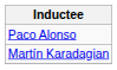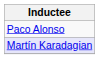 <table class="wikitable">
 <tr>
 <th>Inductee</th>
 </tr>
 <tr>
 <td><a href='#'>Paco Alonso</a></td>
 </tr>
 <tr>
-<td><a href='#'>Martín Karadagian</a></td>
+<td style="background: lavender;"><a href='#'>Martín Karadagian</a></td>
 </tr>
 <tr>
 </tr>
 </table>
